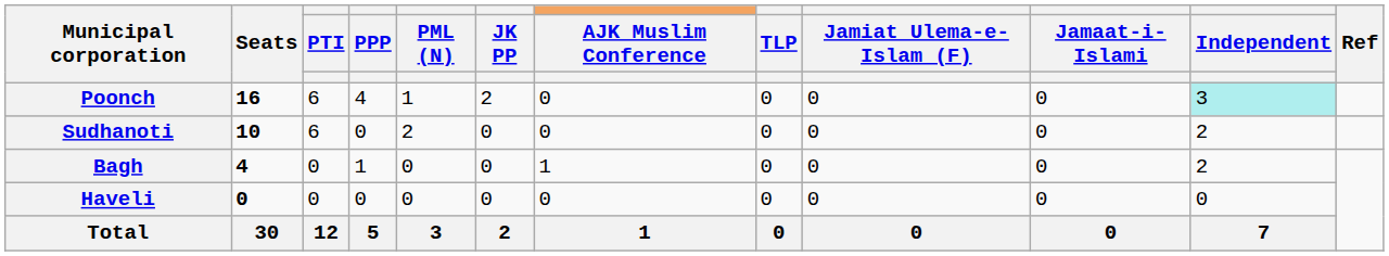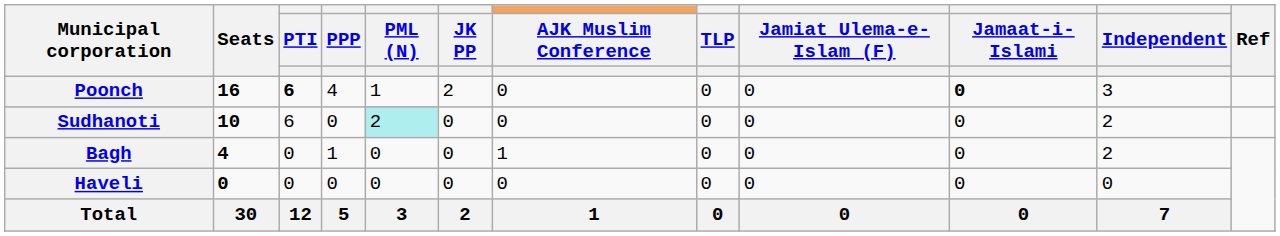 <table class="wikitable">
 <tr>
 <th rowspan="3">Municipal corporation</th>
 <th rowspan="3">Seats</th>
 <th style="background-color: "></th>
 <th style="background-color: "></th>
 <th style="background-color: "></th>
 <th style="background-color: "></th>
 <td bgcolor="#f4a460"></td>
 <th style="background-color: "></th>
 <th style="background-color: "></th>
 <th style="background-color: "></th>
 <th style="background-color: "></th>
 <th rowspan="3">Ref</th>
 </tr>
 <tr>
 <th><a href='#'>PTI</a></th>
 <th><a href='#'>PPP</a></th>
 <th><a href='#'>PML (N)</a></th>
 <th><a href='#'>JK PP</a></th>
 <th><a href='#'>AJK Muslim Conference</a></th>
 <th><a href='#'>TLP</a></th>
 <th><a href='#'>Jamiat Ulema-e-Islam (F)</a></th>
 <th><a href='#'>Jamaat-i-Islami</a></th>
 <th><a href='#'>Independent</a></th>
 </tr>
 <tr>
 <th></th>
 <th></th>
 <th></th>
 <th></th>
 <th></th>
 <th></th>
 <th></th>
 <th></th>
 <th></th>
 </tr>
 <tr>
 <th><a href='#'>Poonch</a></th>
 <td><strong>16</strong></td>
-<td>6</td>
+<td><strong>6</strong></td>
 <td>4</td>
 <td>1</td>
 <td>2</td>
 <td>0</td>
 <td>0</td>
 <td>0</td>
-<td>0</td>
-<td style="background: paleturquoise;">3</td>
+<td><strong>0</strong></td>
+<td>3</td>
 <td></td>
 </tr>
 <tr>
 <th><a href='#'>Sudhanoti</a></th>
 <td><strong>10</strong></td>
 <td>6</td>
 <td>0</td>
-<td>2</td>
+<td style="background: paleturquoise;">2</td>
 <td>0</td>
 <td>0</td>
 <td>0</td>
 <td>0</td>
 <td>0</td>
 <td>2</td>
 <td></td>
 </tr>
 <tr>
 <th><a href='#'>Bagh</a></th>
 <td><strong>4</strong></td>
 <td>0</td>
 <td>1</td>
 <td>0</td>
 <td>0</td>
 <td>1</td>
 <td>0</td>
 <td>0</td>
 <td>0</td>
 <td>2</td>
 <td rowspan="3"></td>
 </tr>
 <tr>
 <th><a href='#'>Haveli</a></th>
 <td><strong>0</strong></td>
 <td>0</td>
 <td>0</td>
 <td>0</td>
 <td>0</td>
 <td>0</td>
 <td>0</td>
 <td>0</td>
 <td>0</td>
 <td>0</td>
 </tr>
 <tr>
 <th><strong>Total</strong></th>
 <th>30</th>
 <th>12</th>
 <th>5</th>
 <th>3</th>
 <th>2</th>
 <th>1</th>
 <th>0</th>
 <th>0</th>
 <th>0</th>
 <th>7</th>
 </tr>
 </table>
